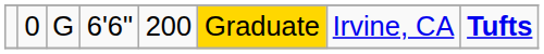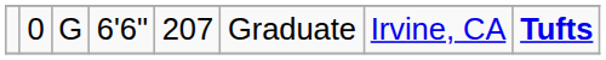 <table class="wikitable sortable" style="text-align: center">
 <tr align=center>
 </tr>
 <tr>
 <td></td>
 <td>0</td>
 <td>G</td>
 <td>6'6"</td>
-<td>200</td>
-<td style="background: gold;">Graduate</td>
+<td>207</td>
+<td>Graduate</td>
 <td><a href='#'>Irvine, CA</a></td>
 <td><strong><a href='#'>Tufts</a></strong></td>
 </tr>
 <tr>
 </tr>
 </table>
